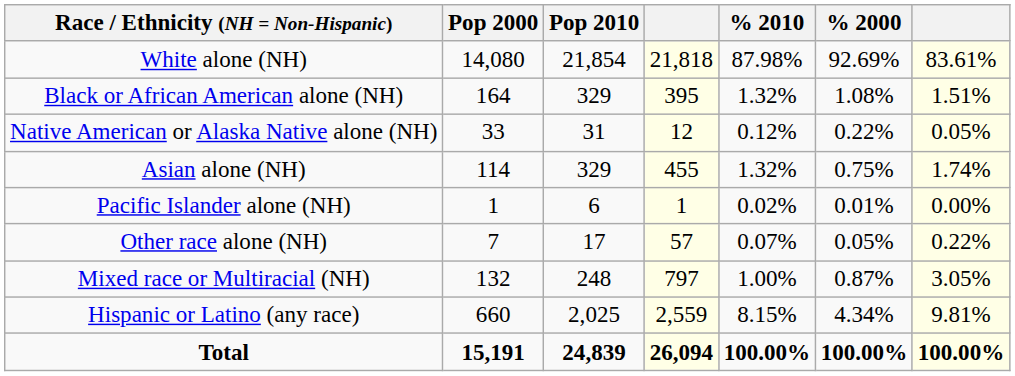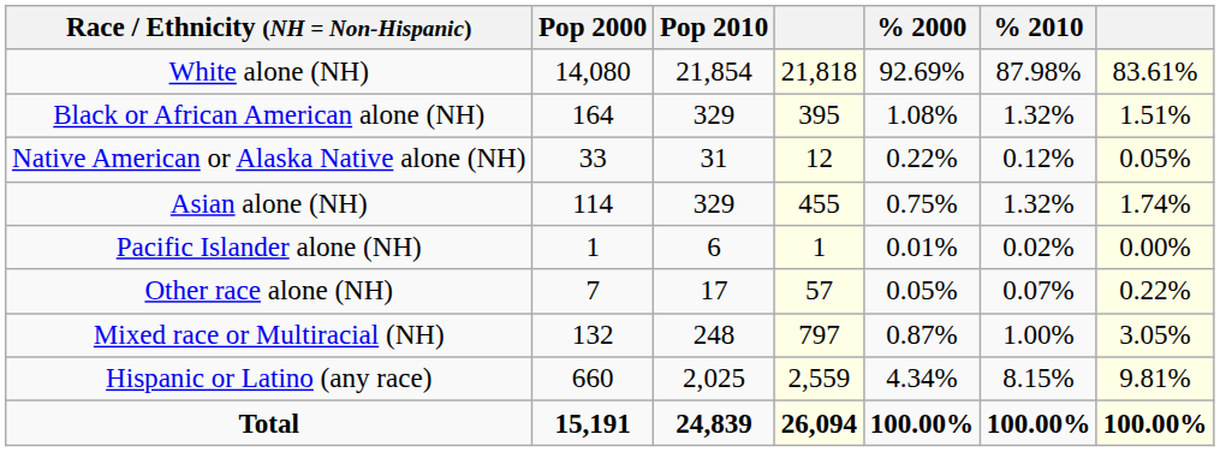 <table class="wikitable" style="text-align:center;">
 <tr>
 <th>Race / Ethnicity <small>(<em>NH = Non-Hispanic</em>)</small></th>
 <th>Pop 2000</th>
 <th>Pop 2010</th>
 <th></th>
+<th>% 2000</th>
 <th>% 2010</th>
-<th>% 2000</th>
 <th></th>
 </tr>
 <tr>
 <td><a href='#'>White</a> alone (NH)</td>
 <td>14,080</td>
 <td>21,854</td>
 <td style='background: #ffffe6;'>21,818</td>
+<td>92.69%</td>
 <td>87.98%</td>
-<td>92.69%</td>
 <td style='background: #ffffe6;'>83.61%</td>
 </tr>
 <tr>
 <td><a href='#'>Black or African American</a> alone (NH)</td>
 <td>164</td>
 <td>329</td>
 <td style='background: #ffffe6;'>395</td>
+<td>1.08%</td>
 <td>1.32%</td>
-<td>1.08%</td>
 <td style='background: #ffffe6;'>1.51%</td>
 </tr>
 <tr>
 <td><a href='#'>Native American</a> or <a href='#'>Alaska Native</a> alone (NH)</td>
 <td>33</td>
 <td>31</td>
 <td style='background: #ffffe6;'>12</td>
+<td>0.22%</td>
 <td>0.12%</td>
-<td>0.22%</td>
 <td style='background: #ffffe6;'>0.05%</td>
 </tr>
 <tr>
 <td><a href='#'>Asian</a> alone (NH)</td>
 <td>114</td>
 <td>329</td>
 <td style='background: #ffffe6;'>455</td>
+<td>0.75%</td>
 <td>1.32%</td>
-<td>0.75%</td>
 <td style='background: #ffffe6;'>1.74%</td>
 </tr>
 <tr>
 <td><a href='#'>Pacific Islander</a> alone (NH)</td>
 <td>1</td>
 <td>6</td>
 <td style='background: #ffffe6;'>1</td>
+<td>0.01%</td>
 <td>0.02%</td>
-<td>0.01%</td>
 <td style='background: #ffffe6;'>0.00%</td>
 </tr>
 <tr>
 <td><a href='#'>Other race</a> alone (NH)</td>
 <td>7</td>
 <td>17</td>
 <td style='background: #ffffe6;'>57</td>
+<td>0.05%</td>
 <td>0.07%</td>
-<td>0.05%</td>
 <td style='background: #ffffe6;'>0.22%</td>
 </tr>
 <tr>
 <td><a href='#'>Mixed race or Multiracial</a> (NH)</td>
 <td>132</td>
 <td>248</td>
 <td style='background: #ffffe6;'>797</td>
+<td>0.87%</td>
 <td>1.00%</td>
-<td>0.87%</td>
 <td style='background: #ffffe6;'>3.05%</td>
 </tr>
 <tr>
 <td><a href='#'>Hispanic or Latino</a> (any race)</td>
 <td>660</td>
 <td>2,025</td>
 <td style='background: #ffffe6;'>2,559</td>
+<td>4.34%</td>
 <td>8.15%</td>
-<td>4.34%</td>
 <td style='background: #ffffe6;'>9.81%</td>
 </tr>
 <tr>
 <td><strong>Total</strong></td>
 <td><strong>15,191</strong></td>
 <td><strong>24,839</strong></td>
 <td style='background: #ffffe6;'><strong>26,094</strong></td>
 <td><strong>100.00%</strong></td>
 <td><strong>100.00%</strong></td>
 <td style='background: #ffffe6;'><strong>100.00%</strong></td>
 </tr>
 </table>
